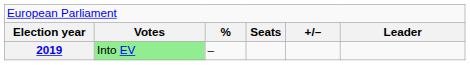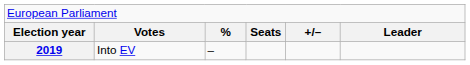 <table class=wikitable style="width:50%; border:1px #AAAAFF solid">
 <tr>
 <td colspan=6><a href='#'>European Parliament</a></td>
 </tr>
 <tr>
 <th width=13%>Election year</th>
 <th width=16%>Votes</th>
 <th width=6%>%</th>
 <th width=1%>Seats</th>
 <th width=8%>+/–</th>
 <th width=18%>Leader</th>
 </tr>
 <tr>
 <th><a href='#'>2019</a></th>
-<td style="background: lightgreen;">Into <a href='#'>EV</a></td>
+<td>Into <a href='#'>EV</a></td>
 <td>–</td>
 <td></td>
 <td></td>
 <td></td>
 </tr>
 </table>
